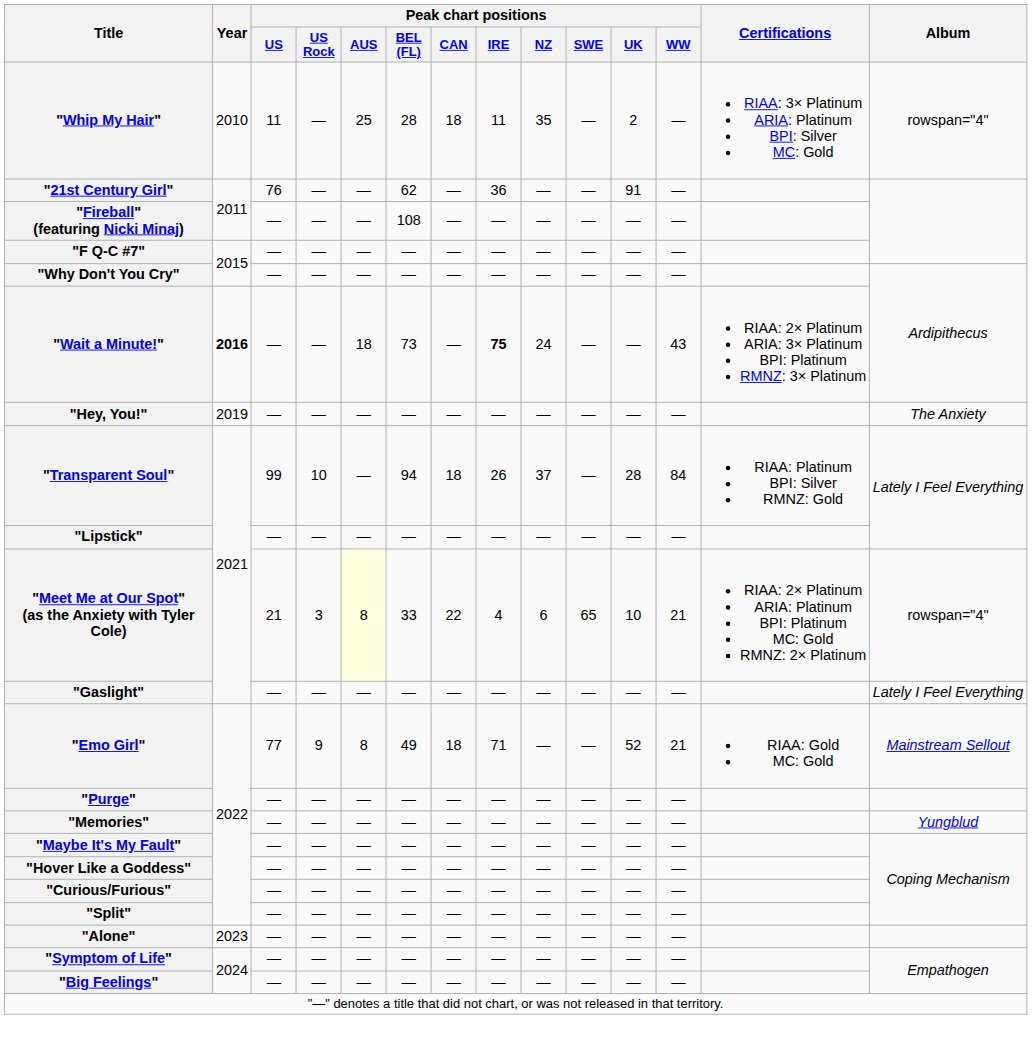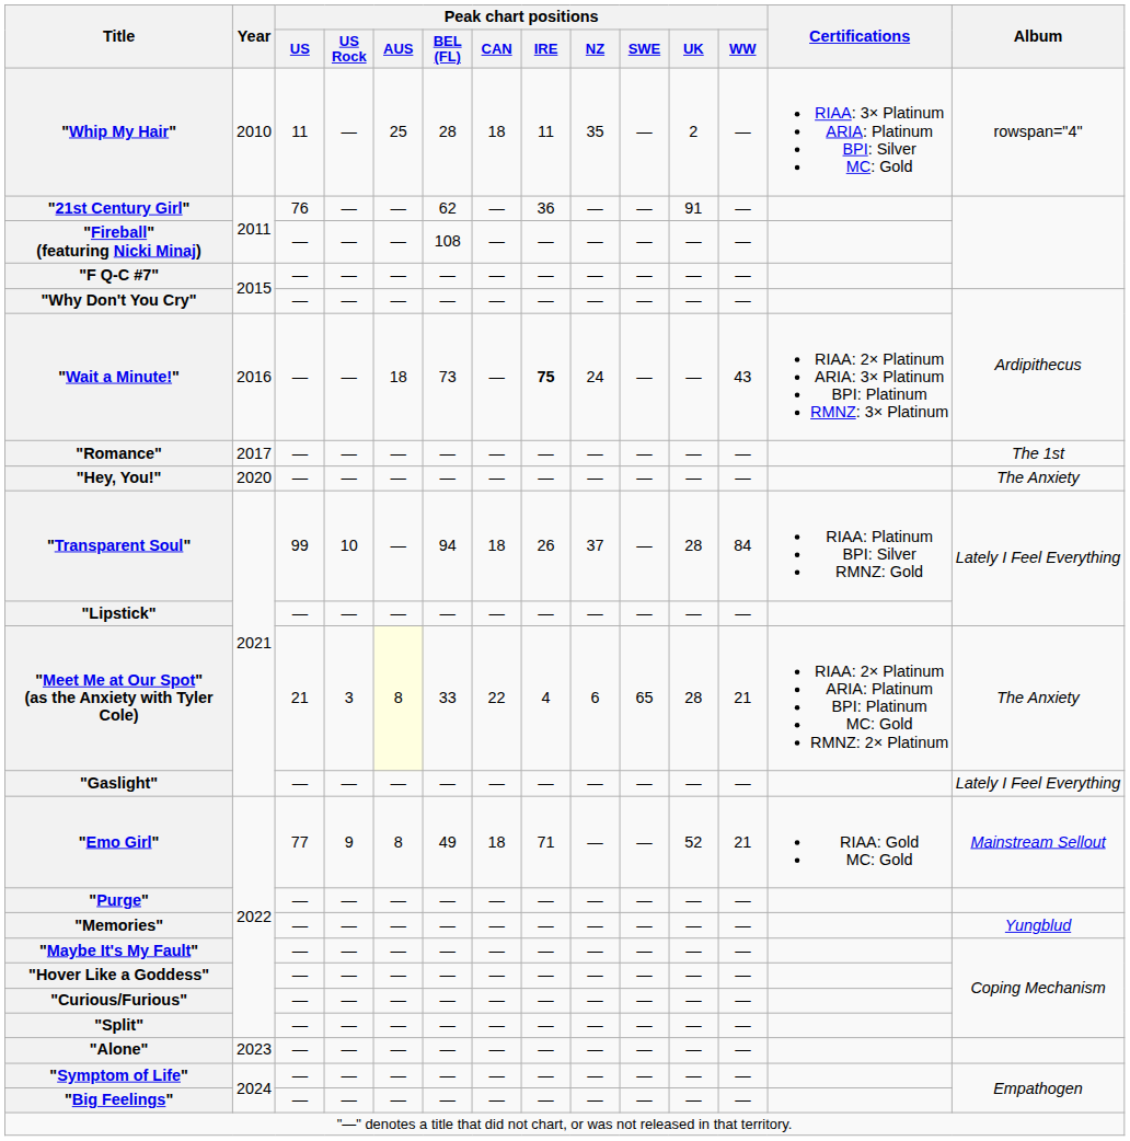 <table class="wikitable plainrowheaders" style="text-align:center;">
 <tr>
 <th scope="col" rowspan="2" style="width:14em;">Title</th>
 <th scope="col" rowspan="2">Year</th>
 <th scope="col" colspan="10">Peak chart positions</th>
 <th scope="col" rowspan="2"><a href='#'>Certifications</a></th>
 <th scope="col" rowspan="2">Album</th>
 </tr>
 <tr>
 <th scope="col" style="width:3em;font-size:90%;"><a href='#'>US</a><br></th>
 <th scope="col" style="width:3em;font-size:90%;"><a href='#'>US Rock</a><br></th>
 <th scope="col" style="width:3em;font-size:90%;"><a href='#'>AUS</a><br></th>
 <th scope="col" style="width:3em;font-size:90%;"><a href='#'>BEL<br>(FL)</a><br></th>
 <th scope="col" style="width:3em;font-size:90%;"><a href='#'>CAN</a><br></th>
 <th scope="col" style="width:3em;font-size:90%;"><a href='#'>IRE</a><br></th>
 <th scope="col" style="width:3em;font-size:90%;"><a href='#'>NZ</a><br></th>
 <th scope="col" style="width:3em;font-size:90%;"><a href='#'>SWE</a><br></th>
 <th scope="col" style="width:3em;font-size:90%;"><a href='#'>UK</a><br></th>
 <th scope="col" style="width:3em;font-size:90%;"><a href='#'>WW</a><br></th>
 </tr>
 <tr>
 <th scope="row">"<a href='#'>Whip My Hair</a>"</th>
 <td>2010</td>
 <td>11</td>
 <td>—</td>
 <td>25</td>
 <td>28</td>
 <td>18</td>
 <td>11</td>
 <td>35</td>
 <td>—</td>
 <td>2</td>
 <td>—</td>
 <td><br><ul><li><a href='#'>RIAA</a>: 3× Platinum</li><li><a href='#'>ARIA</a>: Platinum</li><li><a href='#'>BPI</a>: Silver</li><li><a href='#'>MC</a>: Gold</li></ul></td>
 <td>rowspan="4" </td>
 </tr>
 <tr>
 <th scope="row">"<a href='#'>21st Century Girl</a>"</th>
 <td rowspan="2">2011</td>
 <td>76</td>
 <td>—</td>
 <td>—</td>
 <td>62</td>
 <td>—</td>
 <td>36</td>
 <td>—</td>
 <td>—</td>
 <td>91</td>
 <td>—</td>
 <td></td>
 </tr>
 <tr>
 <th scope="row">"<a href='#'>Fireball</a>"<br><span>(featuring <a href='#'>Nicki Minaj</a>)</span></th>
 <td>—</td>
 <td>—</td>
 <td>—</td>
 <td>108</td>
 <td>—</td>
 <td>—</td>
 <td>—</td>
 <td>—</td>
 <td>—</td>
 <td>—</td>
 <td></td>
 </tr>
 <tr>
 <th scope="row">"F Q-C #7"</th>
 <td rowspan="2">2015</td>
 <td>—</td>
 <td>—</td>
 <td>—</td>
 <td>—</td>
 <td>—</td>
 <td>—</td>
 <td>—</td>
 <td>—</td>
 <td>—</td>
 <td>—</td>
 <td></td>
 </tr>
 <tr>
 <th scope="row">"Why Don't You Cry"</th>
 <td>—</td>
 <td>—</td>
 <td>—</td>
 <td>—</td>
 <td>—</td>
 <td>—</td>
 <td>—</td>
 <td>—</td>
 <td>—</td>
 <td>—</td>
 <td></td>
 <td rowspan="2"><em>Ardipithecus</em></td>
 </tr>
 <tr>
 <th scope="row">"<a href='#'>Wait a Minute!</a>"</th>
-<td><strong>2016</strong></td>
+<td>2016</td>
 <td>—</td>
 <td>—</td>
 <td>18</td>
 <td>73</td>
 <td>—</td>
 <td><strong>75</strong></td>
 <td>24</td>
 <td>—</td>
 <td>—</td>
 <td>43</td>
 <td><br><ul><li>RIAA: 2× Platinum</li><li>ARIA: 3× Platinum</li><li>BPI: Platinum</li><li><a href='#'>RMNZ</a>: 3× Platinum</li></ul></td>
 </tr>
 <tr>
+<th scope="row">"Romance"</th>
+<td>2017</td>
+<td>—</td>
+<td>—</td>
+<td>—</td>
+<td>—</td>
+<td>—</td>
+<td>—</td>
+<td>—</td>
+<td>—</td>
+<td>—</td>
+<td>—</td>
+<td></td>
+<td><em>The 1st</em></td>
+</tr>
+<tr>
 <th scope="row">"Hey, You!"<br></th>
-<td>2019</td>
+<td>2020</td>
 <td>—</td>
 <td>—</td>
 <td>—</td>
 <td>—</td>
 <td>—</td>
 <td>—</td>
 <td>—</td>
 <td>—</td>
 <td>—</td>
 <td>—</td>
 <td></td>
 <td><em>The Anxiety</em></td>
 </tr>
 <tr>
 <th scope="row">"<a href='#'>Transparent Soul</a>"<br></th>
 <td rowspan="4">2021</td>
 <td>99</td>
 <td>10</td>
 <td>—</td>
 <td>94</td>
 <td>18</td>
 <td>26</td>
 <td>37</td>
 <td>—</td>
 <td>28</td>
 <td>84</td>
 <td><br><ul><li>RIAA: Platinum</li><li>BPI: Silver</li><li>RMNZ: Gold</li></ul></td>
 <td rowspan="2"><em>Lately I Feel Everything</em></td>
 </tr>
 <tr>
 <th scope="row">"Lipstick"</th>
 <td>—</td>
 <td>—</td>
 <td>—</td>
 <td>—</td>
 <td>—</td>
 <td>—</td>
 <td>—</td>
 <td>—</td>
 <td>—</td>
 <td>—</td>
 <td></td>
 </tr>
 <tr>
 <th scope="row">"<a href='#'>Meet Me at Our Spot</a>"<br><span>(as the Anxiety with Tyler Cole)</span></th>
 <td>21</td>
 <td>3</td>
 <td style="background: lightyellow;">8</td>
 <td>33</td>
 <td>22</td>
 <td>4</td>
 <td>6</td>
 <td>65</td>
-<td>10</td>
+<td>28</td>
 <td>21</td>
 <td><br><ul><li>RIAA: 2× Platinum</li><li>ARIA: Platinum</li><li>BPI: Platinum</li><li>MC: Gold</li><li>RMNZ: 2× Platinum</li></ul></td>
-<td>rowspan="4" </td>
+<td><em>The Anxiety</em></td>
 </tr>
 <tr>
 <th scope="row">"Gaslight"<br></th>
 <td>—</td>
 <td>—</td>
 <td>—</td>
 <td>—</td>
 <td>—</td>
 <td>—</td>
 <td>—</td>
 <td>—</td>
 <td>—</td>
 <td>—</td>
 <td></td>
 <td><em>Lately I Feel Everything</em></td>
 </tr>
 <tr>
 <th scope="row">"<a href='#'>Emo Girl</a>"<br></th>
 <td rowspan="7">2022</td>
 <td>77</td>
 <td>9</td>
 <td>8</td>
 <td>49</td>
 <td>18</td>
 <td>71</td>
 <td>—</td>
 <td>—</td>
 <td>52</td>
 <td>21</td>
 <td><br><ul><li>RIAA: Gold</li><li>MC: Gold</li></ul></td>
 <td><em><a href='#'>Mainstream Sellout</a></em></td>
 </tr>
 <tr>
 <th scope="row">"<a href='#'>Purge</a>"<br></th>
 <td>—</td>
 <td>—</td>
 <td>—</td>
 <td>—</td>
 <td>—</td>
 <td>—</td>
 <td>—</td>
 <td>—</td>
 <td>—</td>
 <td>—</td>
 <td></td>
 <td></td>
 </tr>
 <tr>
 <th scope="row">"Memories"<br></th>
 <td>—</td>
 <td>—</td>
 <td>—</td>
 <td>—</td>
 <td>—</td>
 <td>—</td>
 <td>—</td>
 <td>—</td>
 <td>—</td>
 <td>—</td>
 <td></td>
 <td><em><a href='#'>Yungblud</a></em></td>
 </tr>
 <tr>
 <th scope="row">"<a href='#'>Maybe It's My Fault</a>"</th>
 <td>—</td>
 <td>—</td>
 <td>—</td>
 <td>—</td>
 <td>—</td>
 <td>—</td>
 <td>—</td>
 <td>—</td>
 <td>—</td>
 <td>—</td>
 <td></td>
 <td rowspan="4"><em>Coping Mechanism</em></td>
 </tr>
 <tr>
 <th scope="row">"Hover Like a Goddess"</th>
 <td>—</td>
 <td>—</td>
 <td>—</td>
 <td>—</td>
 <td>—</td>
 <td>—</td>
 <td>—</td>
 <td>—</td>
 <td>—</td>
 <td>—</td>
 <td></td>
 </tr>
 <tr>
 <th scope="row">"Curious/Furious"</th>
 <td>—</td>
 <td>—</td>
 <td>—</td>
 <td>—</td>
 <td>—</td>
 <td>—</td>
 <td>—</td>
 <td>—</td>
 <td>—</td>
 <td>—</td>
 <td></td>
 </tr>
 <tr>
 <th scope="row">"Split"</th>
 <td>—</td>
 <td>—</td>
 <td>—</td>
 <td>—</td>
 <td>—</td>
 <td>—</td>
 <td>—</td>
 <td>—</td>
 <td>—</td>
 <td>—</td>
 <td></td>
 </tr>
 <tr>
 <th scope="row">"Alone"</th>
 <td>2023</td>
 <td>—</td>
 <td>—</td>
 <td>—</td>
 <td>—</td>
 <td>—</td>
 <td>—</td>
 <td>—</td>
 <td>—</td>
 <td>—</td>
 <td>—</td>
 <td></td>
 <td></td>
 </tr>
 <tr>
 <th scope="row">"<a href='#'>Symptom of Life</a>"</th>
 <td rowspan="2">2024</td>
 <td>—</td>
 <td>—</td>
 <td>—</td>
 <td>—</td>
 <td>—</td>
 <td>—</td>
 <td>—</td>
 <td>—</td>
 <td>—</td>
 <td>—</td>
 <td></td>
 <td rowspan="2"><em>Empathogen</em></td>
 </tr>
 <tr>
 <th scope="row">"<a href='#'>Big Feelings</a>"</th>
 <td>—</td>
 <td>—</td>
 <td>—</td>
 <td>—</td>
 <td>—</td>
 <td>—</td>
 <td>—</td>
 <td>—</td>
 <td>—</td>
 <td>—</td>
 <td></td>
 </tr>
 <tr>
 <td colspan="14" style="font-size:90%">"—" denotes a title that did not chart, or was not released in that territory.</td>
 </tr>
 </table>
